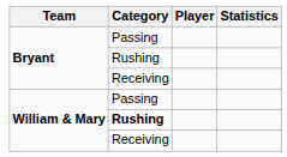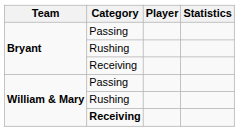 <table class="wikitable" style="float: right;">
 <tr>
 <th>Team</th>
 <th>Category</th>
 <th>Player</th>
 <th>Statistics</th>
 </tr>
 <tr>
 <td rowspan=3><strong>Bryant</strong></td>
 <td>Passing</td>
 <td></td>
 <td></td>
 </tr>
 <tr>
 <td>Rushing</td>
 <td></td>
 <td></td>
 </tr>
 <tr>
 <td>Receiving</td>
 <td></td>
 <td></td>
 </tr>
 <tr>
 <td rowspan=3><strong>William & Mary</strong></td>
 <td>Passing</td>
 <td></td>
 <td></td>
 </tr>
 <tr>
-<td><strong>Rushing</strong></td>
+<td>Rushing</td>
 <td></td>
 <td></td>
 </tr>
 <tr>
-<td>Receiving</td>
+<td><strong>Receiving</strong></td>
 <td></td>
 <td></td>
 </tr>
 </table>
